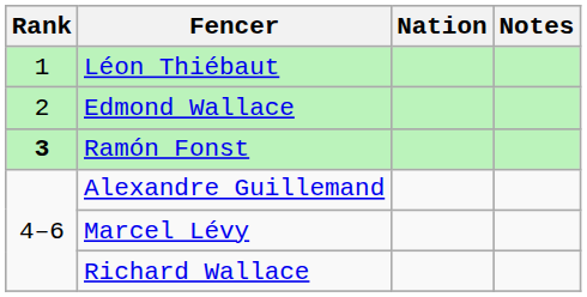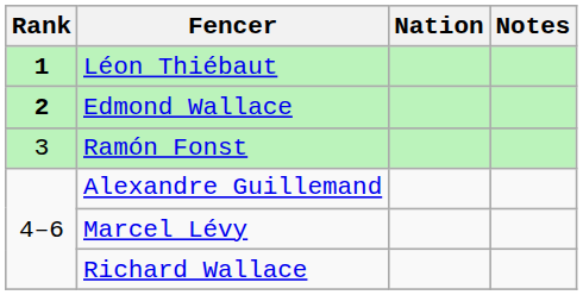 <table class="wikitable sortable" style="text-align:center">
 <tr>
 <th>Rank</th>
 <th>Fencer</th>
 <th>Nation</th>
 <th>Notes</th>
 </tr>
 <tr bgcolor=bbf3bb>
-<td>1</td>
+<td><strong>1</strong></td>
 <td align=left><a href='#'>Léon Thiébaut</a></td>
 <td align=left></td>
 <td></td>
 </tr>
 <tr bgcolor=bbf3bb>
-<td>2</td>
+<td><strong>2</strong></td>
 <td align=left><a href='#'>Edmond Wallace</a></td>
 <td align=left></td>
 <td></td>
 </tr>
 <tr bgcolor=bbf3bb>
-<td><strong>3</strong></td>
+<td>3</td>
 <td align=left><a href='#'>Ramón Fonst</a></td>
 <td align=left></td>
 <td></td>
 </tr>
 <tr>
 <td rowspan=3 align=center>4–6</td>
 <td align=left><a href='#'>Alexandre Guillemand</a></td>
 <td align=left></td>
 <td></td>
 </tr>
 <tr>
 <td align=left><a href='#'>Marcel Lévy</a></td>
 <td align=left></td>
 <td></td>
 </tr>
 <tr>
 <td align=left><a href='#'>Richard Wallace</a></td>
 <td align=left></td>
 <td></td>
 </tr>
 </table>
